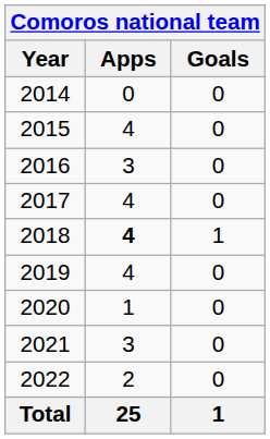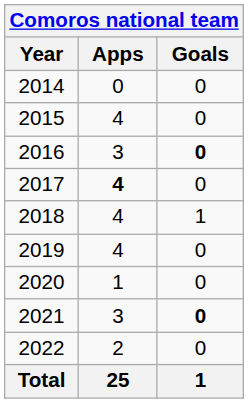 <table class="wikitable" style="text-align:center">
 <tr>
 <th colspan=3><a href='#'>Comoros national team</a></th>
 </tr>
 <tr>
 <th>Year</th>
 <th>Apps</th>
 <th>Goals</th>
 </tr>
 <tr>
 <td>2014</td>
 <td>0</td>
 <td>0</td>
 </tr>
 <tr>
 <td>2015</td>
 <td>4</td>
 <td>0</td>
 </tr>
 <tr>
 <td>2016</td>
 <td>3</td>
-<td>0</td>
+<td><strong>0</strong></td>
 </tr>
 <tr>
 <td>2017</td>
-<td>4</td>
+<td><strong>4</strong></td>
 <td>0</td>
 </tr>
 <tr>
 <td>2018</td>
-<td><strong>4</strong></td>
+<td>4</td>
 <td>1</td>
 </tr>
 <tr>
 <td>2019</td>
 <td>4</td>
 <td>0</td>
 </tr>
 <tr>
 <td>2020</td>
 <td>1</td>
 <td>0</td>
 </tr>
 <tr>
 <td>2021</td>
 <td>3</td>
-<td>0</td>
+<td><strong>0</strong></td>
 </tr>
 <tr>
 <td>2022</td>
 <td>2</td>
 <td>0</td>
 </tr>
 <tr>
 <th>Total</th>
 <th>25</th>
 <th>1</th>
 </tr>
 </table>
